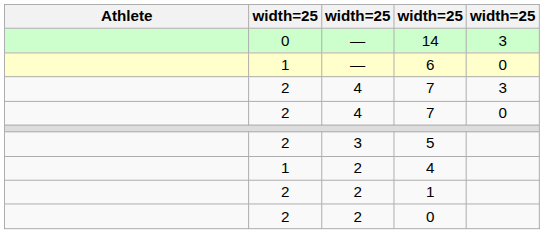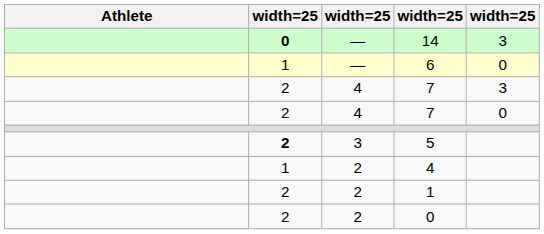 <table class="wikitable" style="text-align: center;">
 <tr>
 <th width=250>Athlete</th>
 <th>width=25</th>
 <th>width=25</th>
 <th>width=25</th>
 <th>width=25</th>
 </tr>
 <tr bgcolor="ccffcc">
 <td align="left"></td>
-<td>0</td>
+<td><strong>0</strong></td>
 <td>—</td>
 <td>14</td>
 <td>3</td>
 </tr>
 <tr bgcolor="ffffcc">
 <td align="left"></td>
 <td>1</td>
 <td>—</td>
 <td>6</td>
 <td>0</td>
 </tr>
 <tr>
 <td align="left"></td>
 <td>2</td>
 <td>4</td>
 <td>7</td>
 <td>3</td>
 </tr>
 <tr>
 <td align="left"></td>
 <td>2</td>
 <td>4</td>
 <td>7</td>
 <td>0</td>
 </tr>
 <tr bgcolor=#DDDDDD>
 <td colspan=5></td>
 </tr>
 <tr>
 <td align="left"></td>
-<td>2</td>
+<td><strong>2</strong></td>
 <td>3</td>
 <td>5</td>
 <td></td>
 </tr>
 <tr>
 <td align="left"></td>
 <td>1</td>
 <td>2</td>
 <td>4</td>
 <td></td>
 </tr>
 <tr>
 <td align="left"></td>
 <td>2</td>
 <td>2</td>
 <td>1</td>
 <td></td>
 </tr>
 <tr>
 <td align="left"></td>
 <td>2</td>
 <td>2</td>
 <td>0</td>
 <td></td>
 </tr>
 </table>
